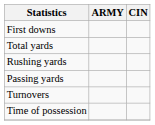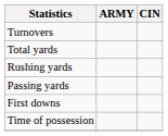 <table class="wikitable">
 <tr>
 <th>Statistics</th>
 <th>ARMY</th>
 <th>CIN</th>
 </tr>
 <tr>
-<td>First downs</td>
+<td>Turnovers</td>
 <td></td>
 <td></td>
 </tr>
 <tr>
 <td>Total yards</td>
 <td></td>
 <td></td>
 </tr>
 <tr>
 <td>Rushing yards</td>
 <td></td>
 <td></td>
 </tr>
 <tr>
 <td>Passing yards</td>
 <td></td>
 <td></td>
 </tr>
 <tr>
-<td>Turnovers</td>
+<td>First downs</td>
 <td></td>
 <td></td>
 </tr>
 <tr>
 <td>Time of possession</td>
 <td></td>
 <td></td>
 </tr>
 <tr>
 </tr>
 </table>
